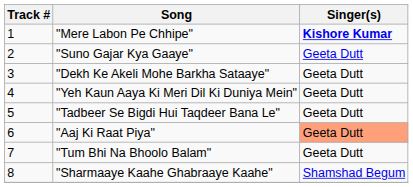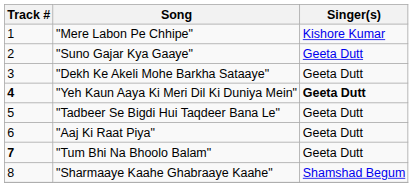 <table class="wikitable" style="font-size:95%;">
 <tr>
 <th>Track #</th>
 <th>Song</th>
 <th>Singer(s)</th>
 </tr>
 <tr>
 <td>1</td>
 <td>"Mere Labon Pe Chhipe"</td>
-<td><strong><a href='#'>Kishore Kumar</a></strong></td>
+<td><a href='#'>Kishore Kumar</a></td>
 </tr>
 <tr>
 <td>2</td>
 <td>"Suno Gajar Kya Gaaye"</td>
 <td><a href='#'>Geeta Dutt</a></td>
 </tr>
 <tr>
 <td>3</td>
 <td>"Dekh Ke Akeli Mohe Barkha Sataaye"</td>
 <td>Geeta Dutt</td>
 </tr>
 <tr>
-<td>4</td>
+<td><strong>4</strong></td>
 <td>"Yeh Kaun Aaya Ki Meri Dil Ki Duniya Mein"</td>
-<td>Geeta Dutt</td>
+<td><strong>Geeta Dutt</strong></td>
 </tr>
 <tr>
 <td>5</td>
 <td>"Tadbeer Se Bigdi Hui Taqdeer Bana Le"</td>
 <td>Geeta Dutt</td>
 </tr>
 <tr>
 <td>6</td>
 <td>"Aaj Ki Raat Piya"</td>
-<td style="background: lightsalmon;">Geeta Dutt</td>
+<td>Geeta Dutt</td>
 </tr>
 <tr>
-<td>7</td>
+<td><strong>7</strong></td>
 <td>"Tum Bhi Na Bhoolo Balam"</td>
 <td>Geeta Dutt</td>
 </tr>
 <tr>
 <td>8</td>
 <td>"Sharmaaye Kaahe Ghabraaye Kaahe"</td>
 <td><a href='#'>Shamshad Begum</a></td>
 </tr>
 <tr>
 </tr>
 </table>
